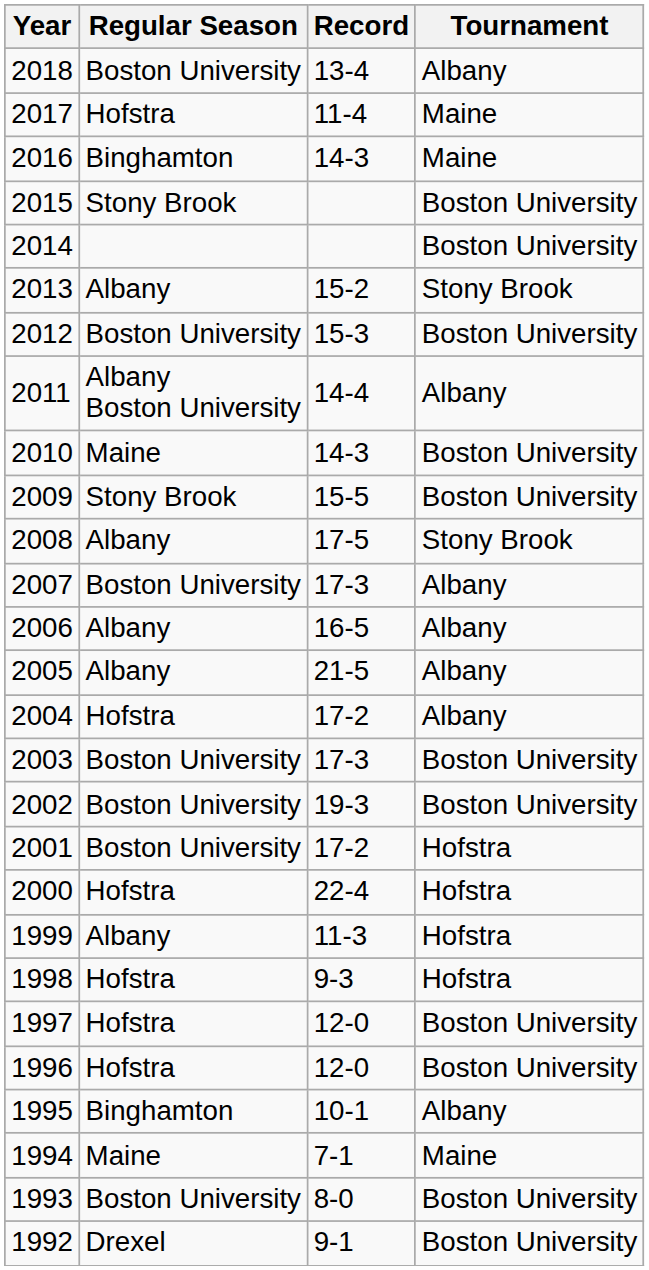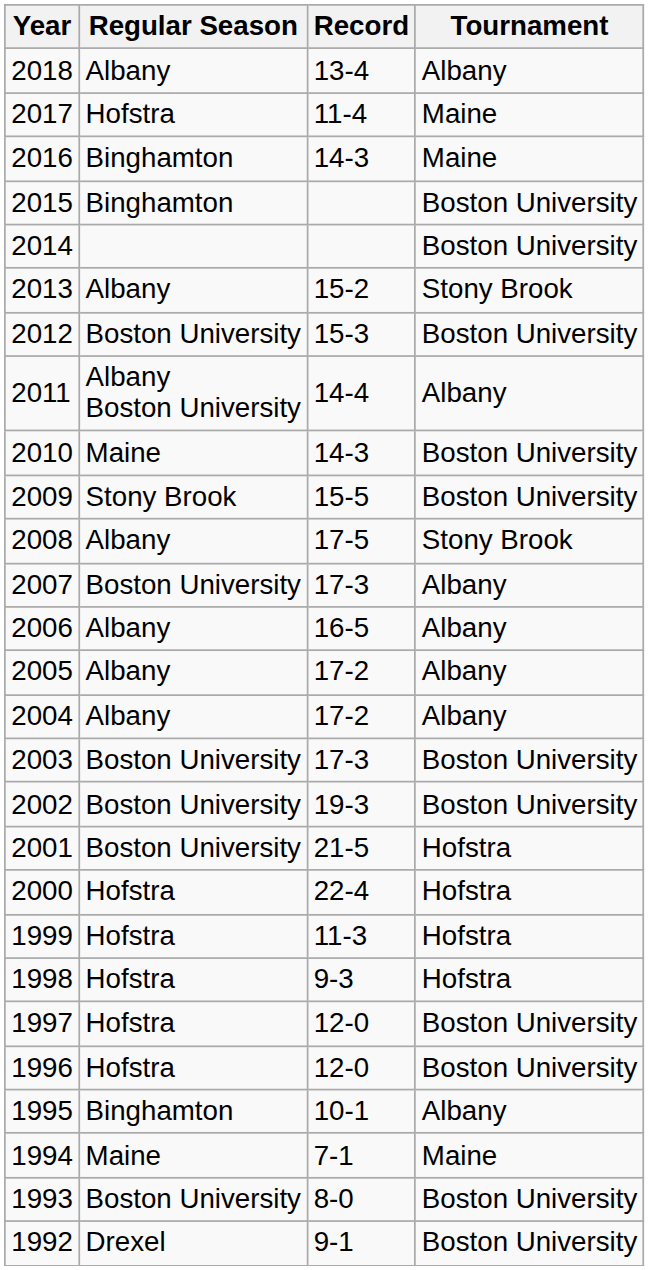 <table class="wikitable sortable">
 <tr>
 <th>Year</th>
 <th>Regular Season</th>
 <th>Record</th>
 <th>Tournament</th>
 </tr>
 <tr>
 <td>2018</td>
-<td>Boston University</td>
+<td>Albany</td>
 <td>13-4</td>
 <td>Albany</td>
 </tr>
 <tr>
 <td>2017</td>
 <td>Hofstra</td>
 <td>11-4</td>
 <td>Maine</td>
 </tr>
 <tr>
 <td>2016</td>
 <td>Binghamton</td>
 <td>14-3</td>
 <td>Maine</td>
 </tr>
 <tr>
 <td>2015</td>
-<td>Stony Brook</td>
+<td>Binghamton</td>
 <td></td>
 <td>Boston University</td>
 </tr>
 <tr>
 <td>2014</td>
 <td></td>
 <td></td>
 <td>Boston University</td>
 </tr>
 <tr>
 <td>2013</td>
 <td>Albany</td>
 <td>15-2</td>
 <td>Stony Brook</td>
 </tr>
 <tr>
 <td>2012</td>
 <td>Boston University</td>
 <td>15-3</td>
 <td>Boston University</td>
 </tr>
 <tr>
 <td>2011</td>
 <td>Albany<br>Boston University</td>
 <td>14-4</td>
 <td>Albany</td>
 </tr>
 <tr>
 <td>2010</td>
 <td>Maine</td>
 <td>14-3</td>
 <td>Boston University</td>
 </tr>
 <tr>
 <td>2009</td>
 <td>Stony Brook</td>
 <td>15-5</td>
 <td>Boston University</td>
 </tr>
 <tr>
 <td>2008</td>
 <td>Albany</td>
 <td>17-5</td>
 <td>Stony Brook</td>
 </tr>
 <tr>
 <td>2007</td>
 <td>Boston University</td>
 <td>17-3</td>
 <td>Albany</td>
 </tr>
 <tr>
 <td>2006</td>
 <td>Albany</td>
 <td>16-5</td>
 <td>Albany</td>
 </tr>
 <tr>
 <td>2005</td>
 <td>Albany</td>
-<td>21-5</td>
+<td>17-2</td>
 <td>Albany</td>
 </tr>
 <tr>
 <td>2004</td>
-<td>Hofstra</td>
+<td>Albany</td>
 <td>17-2</td>
 <td>Albany</td>
 </tr>
 <tr>
 <td>2003</td>
 <td>Boston University</td>
 <td>17-3</td>
 <td>Boston University</td>
 </tr>
 <tr>
 <td>2002</td>
 <td>Boston University</td>
 <td>19-3</td>
 <td>Boston University</td>
 </tr>
 <tr>
 <td>2001</td>
 <td>Boston University</td>
-<td>17-2</td>
+<td>21-5</td>
 <td>Hofstra</td>
 </tr>
 <tr>
 <td>2000</td>
 <td>Hofstra</td>
 <td>22-4</td>
 <td>Hofstra</td>
 </tr>
 <tr>
 <td>1999</td>
-<td>Albany</td>
+<td>Hofstra</td>
 <td>11-3</td>
 <td>Hofstra</td>
 </tr>
 <tr>
 <td>1998</td>
 <td>Hofstra</td>
 <td>9-3</td>
 <td>Hofstra</td>
 </tr>
 <tr>
 <td>1997</td>
 <td>Hofstra</td>
 <td>12-0</td>
 <td>Boston University</td>
 </tr>
 <tr>
 <td>1996</td>
 <td>Hofstra</td>
 <td>12-0</td>
 <td>Boston University</td>
 </tr>
 <tr>
 <td>1995</td>
 <td>Binghamton</td>
 <td>10-1</td>
 <td>Albany</td>
 </tr>
 <tr>
 <td>1994</td>
 <td>Maine</td>
 <td>7-1</td>
 <td>Maine</td>
 </tr>
 <tr>
 <td>1993</td>
 <td>Boston University</td>
 <td>8-0</td>
 <td>Boston University</td>
 </tr>
 <tr>
 <td>1992</td>
 <td>Drexel</td>
 <td>9-1</td>
 <td>Boston University</td>
 </tr>
 <tr>
 </tr>
 </table>
